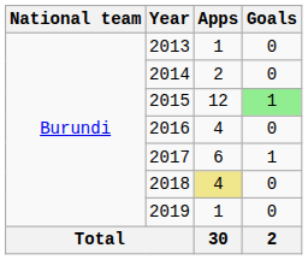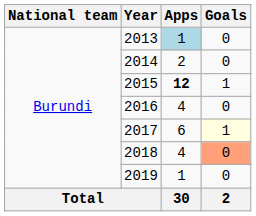 <table class="wikitable" style="text-align: center;">
 <tr>
 <th>National team</th>
 <th>Year</th>
 <th>Apps</th>
 <th>Goals</th>
 </tr>
 <tr>
 <td rowspan="7"><a href='#'>Burundi</a></td>
 <td>2013</td>
-<td>1</td>
+<td style="background: lightblue;">1</td>
 <td>0</td>
 </tr>
 <tr>
 <td>2014</td>
 <td>2</td>
 <td>0</td>
 </tr>
 <tr>
 <td>2015</td>
-<td>12</td>
-<td style="background: lightgreen;">1</td>
+<td><strong>12</strong></td>
+<td>1</td>
 </tr>
 <tr>
 <td>2016</td>
 <td>4</td>
 <td>0</td>
 </tr>
 <tr>
 <td>2017</td>
 <td>6</td>
-<td>1</td>
+<td style="background: lightyellow;">1</td>
 </tr>
 <tr>
 <td>2018</td>
-<td style="background: khaki;">4</td>
-<td>0</td>
+<td>4</td>
+<td style="background: lightsalmon;">0</td>
 </tr>
 <tr>
 <td>2019</td>
 <td>1</td>
 <td>0</td>
 </tr>
 <tr>
 <th colspan="2">Total</th>
 <th>30</th>
 <th>2</th>
 </tr>
 </table>
